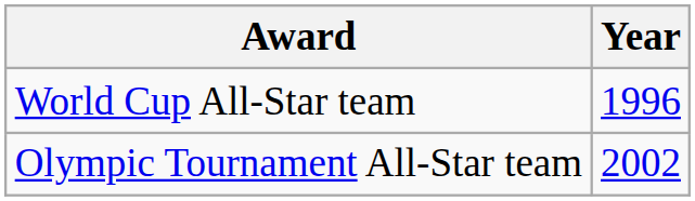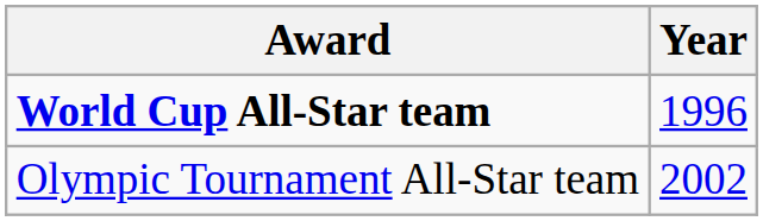 <table class="wikitable">
 <tr>
 <th>Award</th>
 <th>Year</th>
 </tr>
 <tr>
-<td><a href='#'>World Cup</a> All-Star team</td>
+<td><strong><a href='#'>World Cup</a> All-Star team</strong></td>
 <td><a href='#'>1996</a></td>
 </tr>
 <tr>
 <td><a href='#'>Olympic Tournament</a> All-Star team</td>
 <td><a href='#'>2002</a></td>
 </tr>
 </table>
